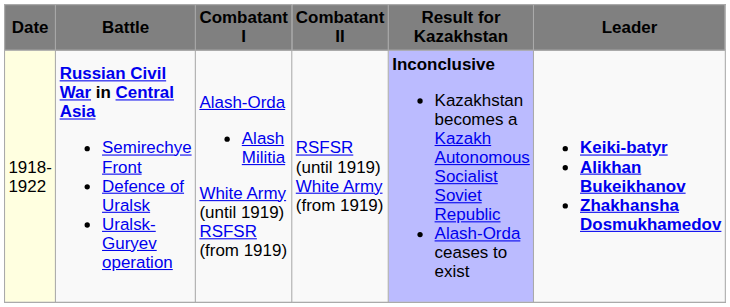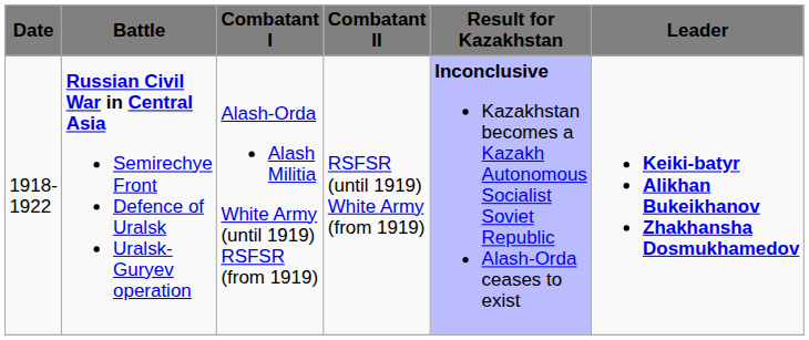 <table class="wikitable">
 <tr>
 <th style="background:gray;">Date</th>
 <th style="background:gray;">Battle</th>
 <th style="background:gray;">Combatant I</th>
 <th style="background:gray;">Combatant II</th>
 <th style="background:gray;">Result for Kazakhstan</th>
 <th style="background:gray;">Leader</th>
 </tr>
 <tr>
-<td style="background: lightyellow;">1918-1922</td>
+<td>1918-1922</td>
 <td><strong><a href='#'>Russian Civil War</a> in <a href='#'>Central Asia</a></strong><br><ul><li><a href='#'>Semirechye Front</a></li><li><a href='#'>Defence of</a> <a href='#'>Uralsk</a></li><li><a href='#'>Uralsk-Guryev operation</a></li></ul></td>
 <td> <a href='#'>Alash-Orda</a><br><ul><li> <a href='#'>Alash Militia</a></li></ul> <a href='#'>White Army</a> (until 1919)<br> <a href='#'>RSFSR</a> (from 1919)</td>
 <td> <a href='#'>RSFSR</a> (until 1919) <br> <a href='#'>White Army</a> (from 1919)</td>
 <td style="background:#BBF"><strong>Inconclusive</strong><br><ul><li>Kazakhstan becomes a <a href='#'>Kazakh Autonomous Socialist Soviet Republic</a></li><li><a href='#'>Alash-Orda</a> ceases to exist</li></ul></td>
 <td><br><ul><li><strong><a href='#'>Keiki-batyr</a></strong></li><li><strong><a href='#'>Alikhan Bukeikhanov</a></strong></li><li><strong><a href='#'>Zhakhansha Dosmukhamedov</a></strong></li></ul></td>
 </tr>
 <tr>
 </tr>
 </table>
